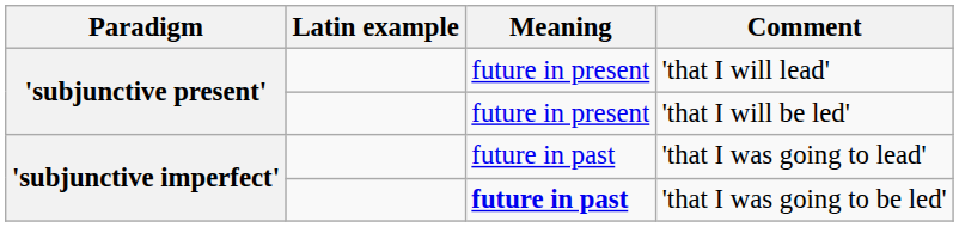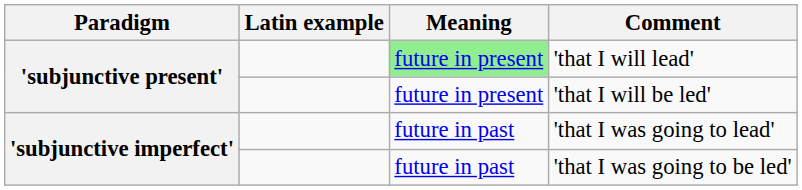 <table class="wikitable">
 <tr>
 <th>Paradigm</th>
 <th>Latin example</th>
 <th>Meaning</th>
 <th>Comment</th>
 </tr>
 <tr>
 <th rowspan=2>'subjunctive present'</th>
 <td><strong></strong></td>
-<td><a href='#'>future in present</a></td>
+<td style="background: lightgreen;"><a href='#'>future in present</a></td>
 <td>'that I will lead'</td>
 </tr>
 <tr>
 <td><strong></strong></td>
 <td><a href='#'>future in present</a></td>
 <td>'that I will be led'</td>
 </tr>
 <tr>
 <th rowspan=2>'subjunctive imperfect'</th>
 <td><strong></strong></td>
 <td><a href='#'>future in past</a></td>
 <td>'that I was going to lead'</td>
 </tr>
 <tr>
 <td><strong></strong></td>
-<td><strong><a href='#'>future in past</a></strong></td>
+<td><a href='#'>future in past</a></td>
 <td>'that I was going to be led'</td>
 </tr>
 </table>
